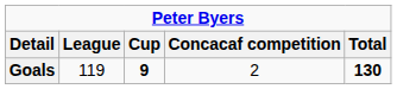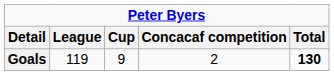 <table class="wikitable" style="text-align:center;">
 <tr>
 <td colspan=6><strong><a href='#'>Peter Byers</a></strong></td>
 </tr>
 <tr>
 <th>Detail</th>
 <th>League</th>
 <th>Cup</th>
 <th>Concacaf competition</th>
 <th>Total</th>
 </tr>
 <tr>
 <th>Goals</th>
 <td>119</td>
-<td><strong>9</strong></td>
+<td>9</td>
 <td>2</td>
 <td><strong>130</strong></td>
 </tr>
 </table>
